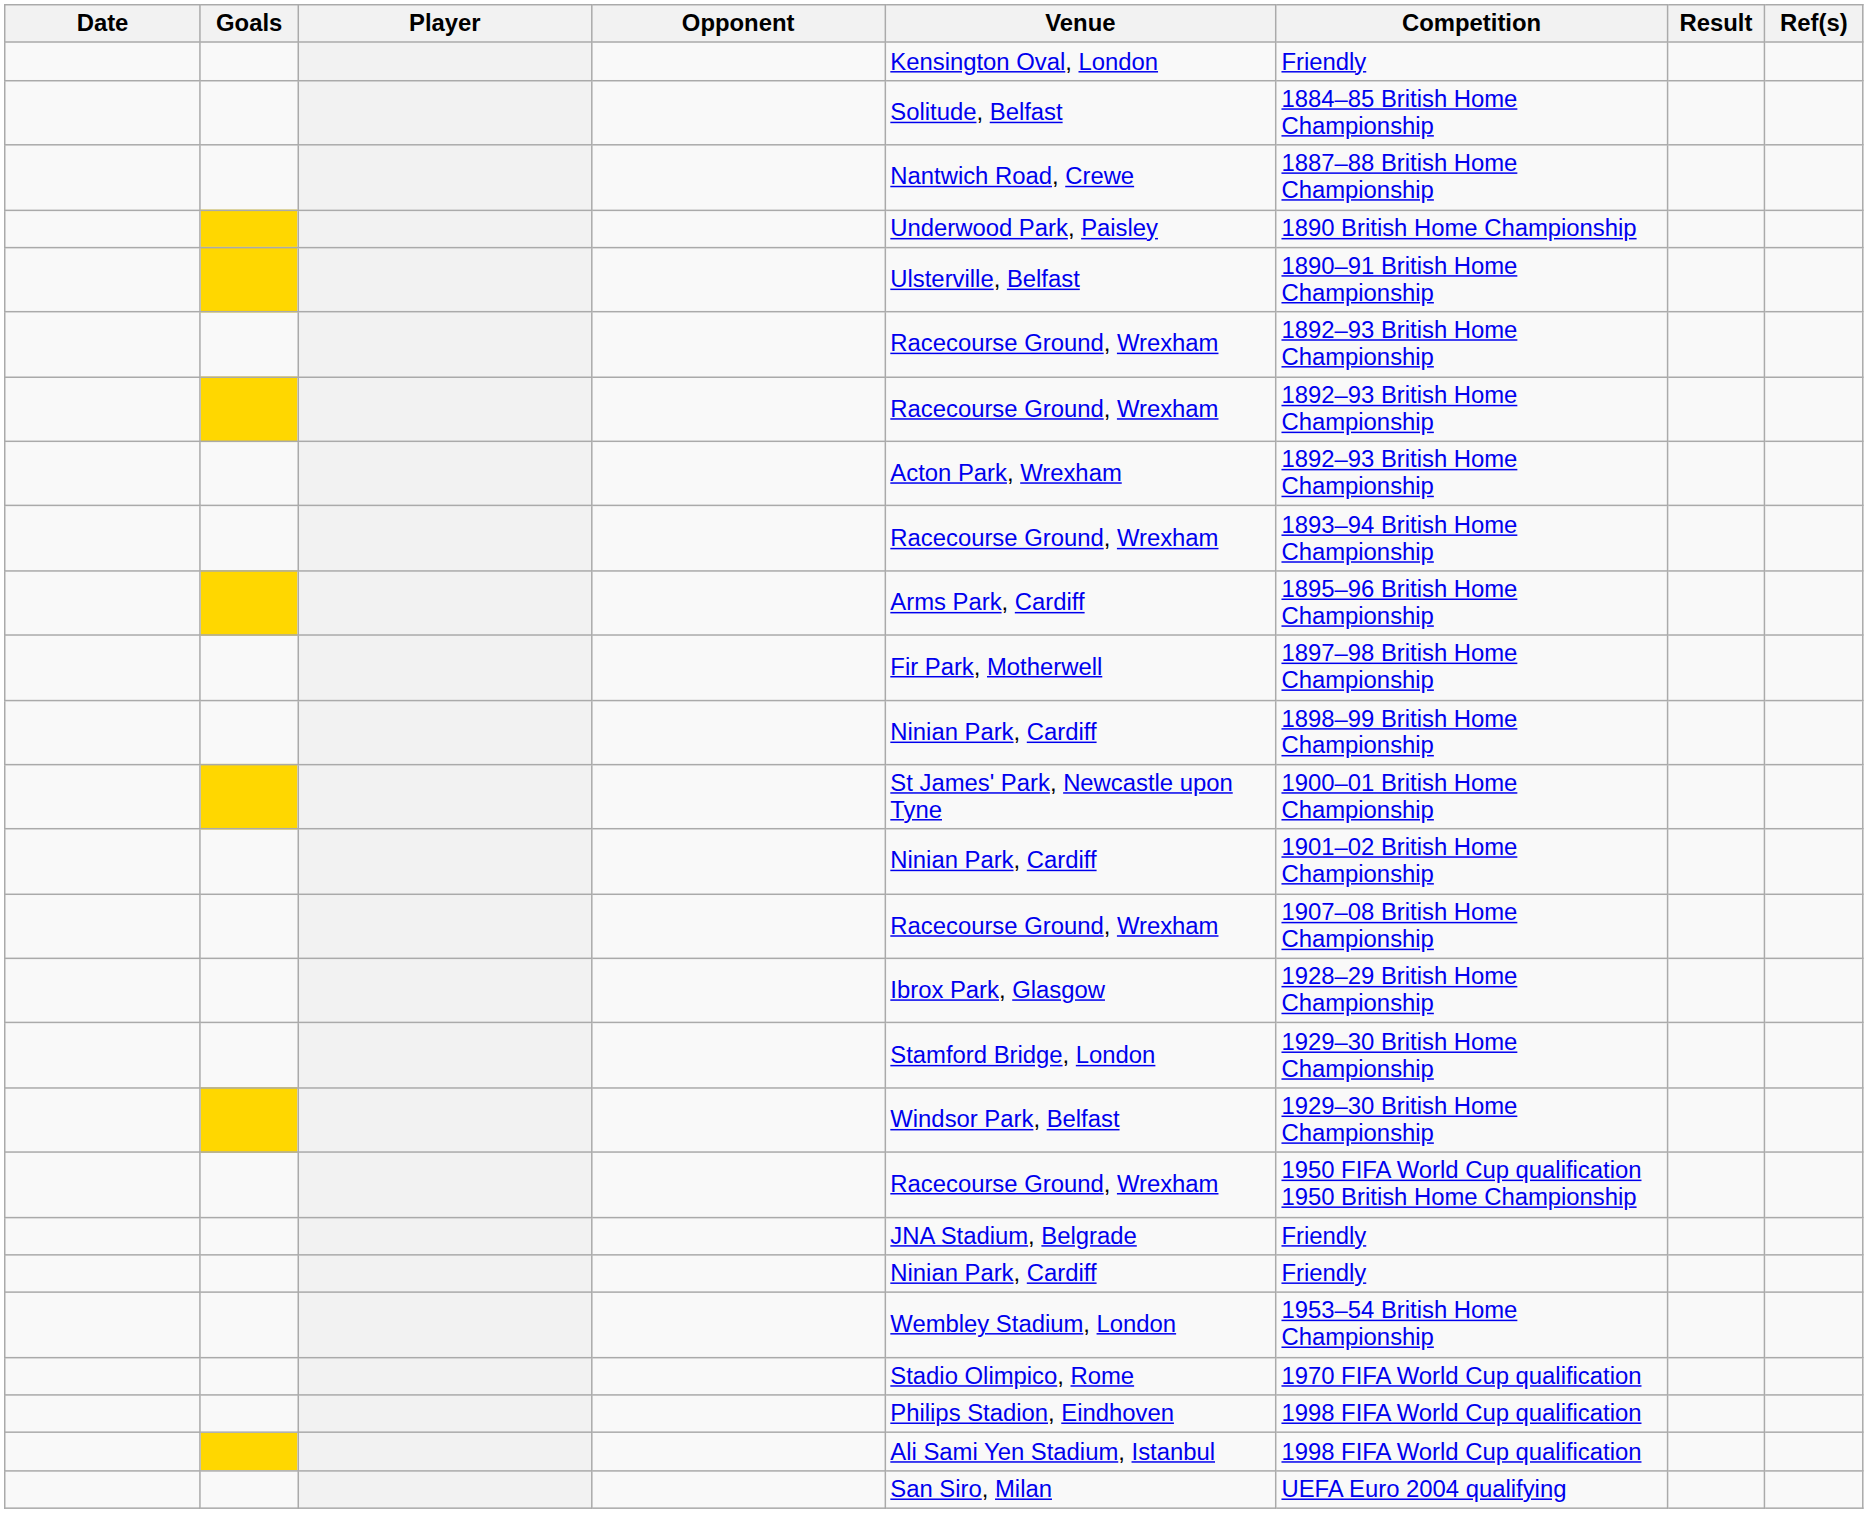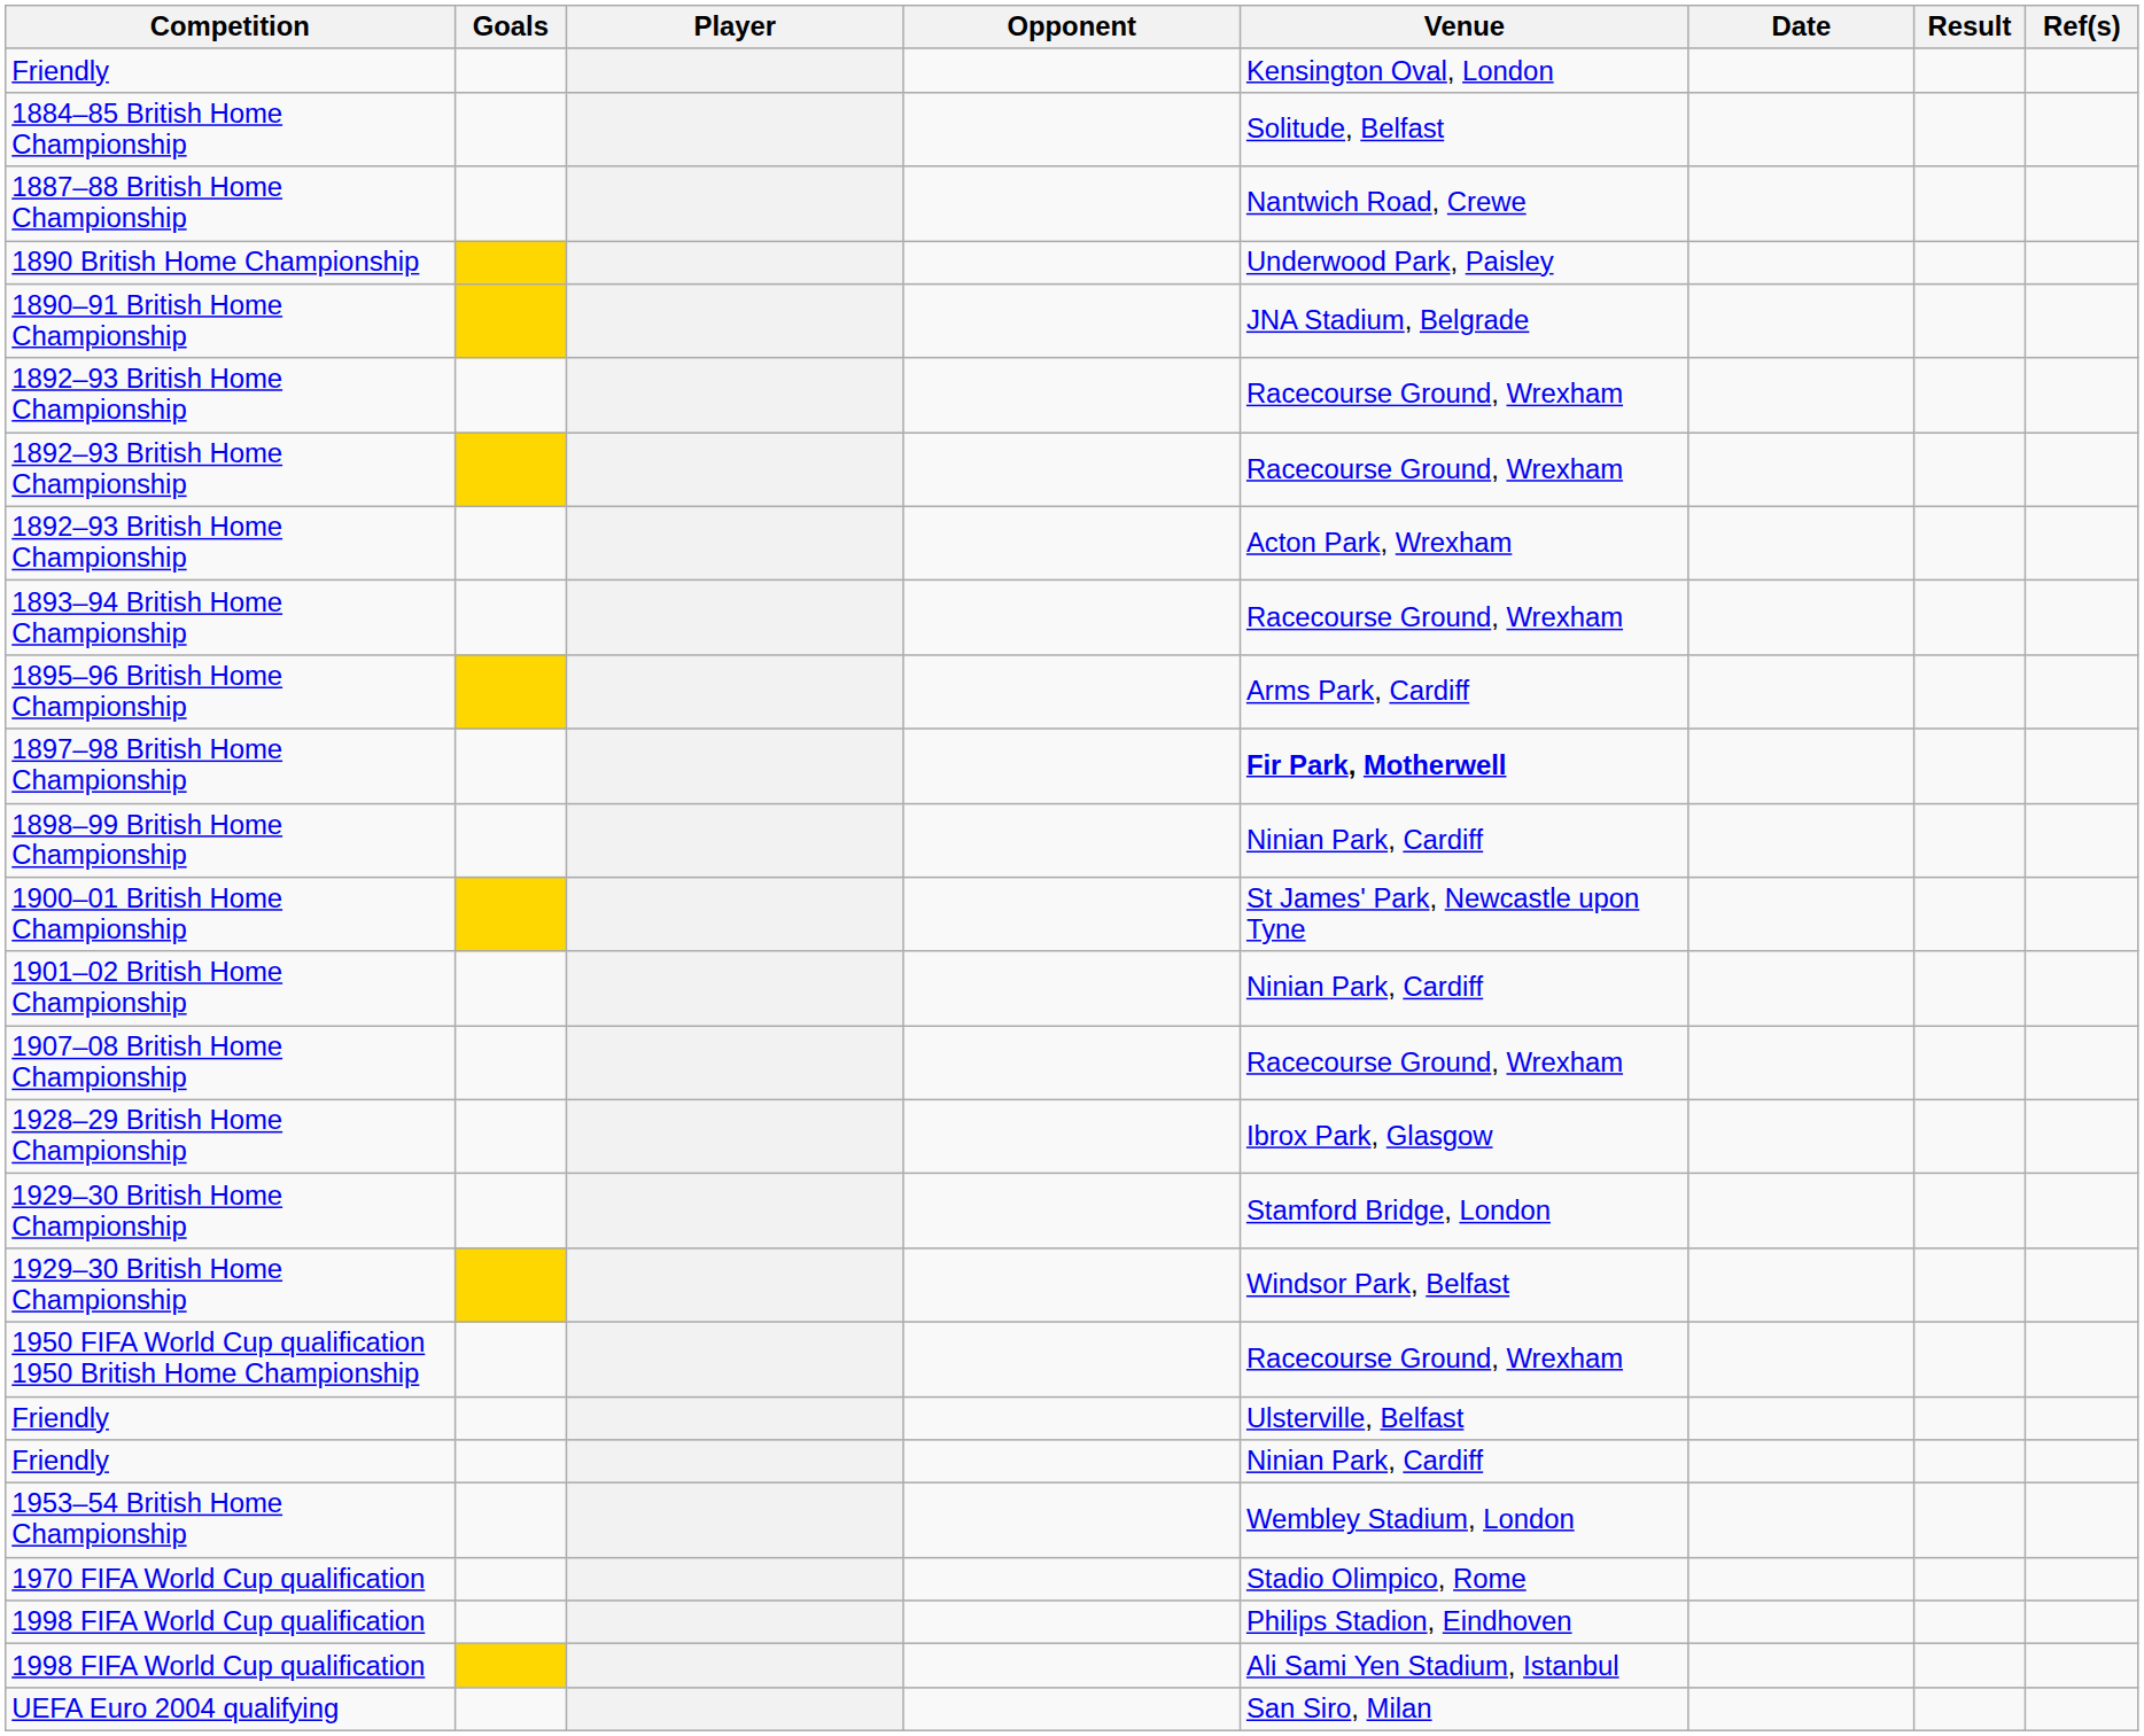 <table class="wikitable plainrowheaders sortable">
 <tr>
-<th scope="col" width="10%">Date</th>
+<th scope="col" width="20%">Competition</th>
 <th scope="col" width="5%">Goals</th>
 <th scope="col" width="15%">Player</th>
 <th scope="col" width="15%">Opponent</th>
 <th scope="col" width="20%">Venue</th>
-<th scope="col" width="20%">Competition</th>
+<th scope="col" width="10%">Date</th>
 <th scope="col" class="align:center" width="5%">Result</th>
 <th scope="col" class="unsortable" width="5%">Ref(s)</th>
 </tr>
 <tr>
-<td></td>
+<td><a href='#'>Friendly</a></td>
 <td></td>
 <th scope="row"></th>
 <td></td>
 <td><a href='#'>Kensington Oval</a>, <a href='#'>London</a></td>
-<td><a href='#'>Friendly</a></td>
+<td></td>
 <td data-sort-value="0500"></td>
 <td align=center></td>
 </tr>
 <tr>
-<td></td>
+<td><a href='#'>1884–85 British Home Championship</a></td>
 <td></td>
 <th scope="row"></th>
 <td></td>
 <td><a href='#'>Solitude</a>, <a href='#'>Belfast</a></td>
-<td><a href='#'>1884–85 British Home Championship</a></td>
+<td></td>
 <td data-sort-value="0801"></td>
 <td align=center></td>
 </tr>
 <tr>
-<td></td>
+<td><a href='#'>1887–88 British Home Championship</a></td>
 <td></td>
 <th scope="row"></th>
 <td></td>
 <td><a href='#'>Nantwich Road</a>, <a href='#'>Crewe</a></td>
-<td><a href='#'>1887–88 British Home Championship</a></td>
+<td></td>
 <td data-sort-value="0501"></td>
 <td align=center></td>
 </tr>
 <tr>
-<td></td>
+<td><a href='#'>1890 British Home Championship</a></td>
 <td bgcolor=gold></td>
 <th scope="row"></th>
 <td></td>
 <td><a href='#'>Underwood Park</a>, <a href='#'>Paisley</a></td>
-<td><a href='#'>1890 British Home Championship</a></td>
+<td></td>
 <td data-sort-value="0500"></td>
 <td align=center></td>
 </tr>
 <tr>
-<td></td>
+<td><a href='#'>1890–91 British Home Championship</a></td>
 <td bgcolor=gold></td>
 <th scope="row"></th>
 <td></td>
-<td><a href='#'>Ulsterville</a>, <a href='#'>Belfast</a></td>
-<td><a href='#'>1890–91 British Home Championship</a></td>
+<td><a href='#'>JNA Stadium</a>, <a href='#'>Belgrade</a></td>
+<td></td>
 <td data-sort-value="0702"></td>
 <td align=center></td>
 </tr>
 <tr>
-<td></td>
+<td><a href='#'>1892–93 British Home Championship</a></td>
 <td></td>
 <th scope="row"></th>
 <td></td>
 <td><a href='#'>Racecourse Ground</a>, <a href='#'>Wrexham</a></td>
-<td><a href='#'>1892–93 British Home Championship</a></td>
+<td></td>
 <td data-sort-value="0800"></td>
 <td align=center></td>
 </tr>
 <tr>
-<td></td>
+<td><a href='#'>1892–93 British Home Championship</a></td>
 <td bgcolor=gold></td>
 <th scope="row"></th>
 <td></td>
 <td><a href='#'>Racecourse Ground</a>, <a href='#'>Wrexham</a></td>
-<td><a href='#'>1892–93 British Home Championship</a></td>
+<td></td>
 <td data-sort-value="0800"></td>
 <td align=center></td>
 </tr>
 <tr>
-<td></td>
+<td><a href='#'>1892–93 British Home Championship</a></td>
 <td></td>
 <th scope="row"></th>
 <td></td>
 <td><a href='#'>Acton Park</a>, <a href='#'>Wrexham</a></td>
-<td><a href='#'>1892–93 British Home Championship</a></td>
+<td></td>
 <td data-sort-value="0702"></td>
 <td align=center></td>
 </tr>
 <tr>
-<td></td>
+<td><a href='#'>1893–94 British Home Championship</a></td>
 <td></td>
 <th scope="row"></th>
 <td></td>
 <td><a href='#'>Racecourse Ground</a>, <a href='#'>Wrexham</a></td>
-<td><a href='#'>1893–94 British Home Championship</a></td>
+<td></td>
 <td data-sort-value="0501"></td>
 <td align=center></td>
 </tr>
 <tr>
-<td></td>
+<td><a href='#'>1895–96 British Home Championship</a></td>
 <td bgcolor=gold></td>
 <th scope="row"></th>
 <td></td>
 <td><a href='#'>Arms Park</a>, <a href='#'>Cardiff</a></td>
-<td><a href='#'>1895–96 British Home Championship</a></td>
+<td></td>
 <td data-sort-value="0901"></td>
 <td align=center></td>
 </tr>
 <tr>
-<td></td>
+<td><a href='#'>1897–98 British Home Championship</a></td>
 <td></td>
 <th scope="row"></th>
 <td></td>
-<td><a href='#'>Fir Park</a>, <a href='#'>Motherwell</a></td>
-<td><a href='#'>1897–98 British Home Championship</a></td>
+<td><strong><a href='#'>Fir Park</a>, <a href='#'>Motherwell</a></strong></td>
+<td></td>
 <td data-sort-value="0502"></td>
 <td align=center></td>
 </tr>
 <tr>
-<td></td>
+<td><a href='#'>1898–99 British Home Championship</a></td>
 <td></td>
 <th scope="row"></th>
 <td></td>
 <td><a href='#'>Ninian Park</a>, <a href='#'>Cardiff</a></td>
-<td><a href='#'>1898–99 British Home Championship</a></td>
+<td></td>
 <td data-sort-value="0602"></td>
 <td align=center></td>
 </tr>
 <tr>
-<td></td>
+<td><a href='#'>1900–01 British Home Championship</a></td>
 <td bgcolor=gold></td>
 <th scope="row"></th>
 <td></td>
 <td><a href='#'>St James' Park</a>, <a href='#'>Newcastle upon Tyne</a></td>
-<td><a href='#'>1900–01 British Home Championship</a></td>
+<td></td>
 <td data-sort-value="0600"></td>
 <td align=center></td>
 </tr>
 <tr>
-<td></td>
+<td><a href='#'>1901–02 British Home Championship</a></td>
 <td></td>
 <th scope="row"></th>
 <td></td>
 <td><a href='#'>Ninian Park</a>, <a href='#'>Cardiff</a></td>
-<td><a href='#'>1901–02 British Home Championship</a></td>
+<td></td>
 <td data-sort-value="0300"></td>
 <td align=center></td>
 </tr>
 <tr>
-<td></td>
+<td><a href='#'>1907–08 British Home Championship</a></td>
 <td></td>
 <th scope="row"></th>
 <td></td>
 <td><a href='#'>Racecourse Ground</a>, <a href='#'>Wrexham</a></td>
-<td><a href='#'>1907–08 British Home Championship</a></td>
+<td></td>
 <td data-sort-value="0701"></td>
 <td align=center></td>
 </tr>
 <tr>
-<td></td>
+<td><a href='#'>1928–29 British Home Championship</a></td>
 <td></td>
 <th scope="row"></th>
 <td></td>
 <td><a href='#'>Ibrox Park</a>, <a href='#'>Glasgow</a></td>
-<td><a href='#'>1928–29 British Home Championship</a></td>
+<td></td>
 <td data-sort-value="0401"></td>
 <td align=center></td>
 </tr>
 <tr>
-<td></td>
+<td><a href='#'>1929–30 British Home Championship</a></td>
 <td></td>
 <th scope="row"></th>
 <td></td>
 <td><a href='#'>Stamford Bridge</a>, <a href='#'>London</a></td>
-<td><a href='#'>1929–30 British Home Championship</a></td>
+<td></td>
 <td data-sort-value="0600"></td>
 <td align=center></td>
 </tr>
 <tr>
-<td></td>
+<td><a href='#'>1929–30 British Home Championship</a></td>
 <td bgcolor=gold></td>
 <th scope="row"></th>
 <td></td>
 <td><a href='#'>Windsor Park</a>, <a href='#'>Belfast</a></td>
-<td><a href='#'>1929–30 British Home Championship</a></td>
+<td></td>
 <td data-sort-value="0700"></td>
 <td align=center></td>
 </tr>
 <tr>
-<td></td>
+<td><a href='#'>1950 FIFA World Cup qualification</a><br><a href='#'>1950 British Home Championship</a></td>
 <td></td>
 <th scope="row"></th>
 <td></td>
 <td><a href='#'>Racecourse Ground</a>, <a href='#'>Wrexham</a></td>
-<td><a href='#'>1950 FIFA World Cup qualification</a><br><a href='#'>1950 British Home Championship</a></td>
+<td></td>
 <td data-sort-value="0401"></td>
 <td align=center></td>
 </tr>
 <tr>
-<td></td>
+<td><a href='#'>Friendly</a></td>
 <td></td>
 <th scope="row"></th>
 <td></td>
-<td><a href='#'>JNA Stadium</a>, <a href='#'>Belgrade</a></td>
-<td><a href='#'>Friendly</a></td>
+<td><a href='#'>Ulsterville</a>, <a href='#'>Belfast</a></td>
+<td></td>
 <td data-sort-value="0502"></td>
 <td align=center></td>
 </tr>
 <tr>
-<td></td>
+<td><a href='#'>Friendly</a></td>
 <td></td>
 <th scope="row"></th>
 <td></td>
 <td><a href='#'>Ninian Park</a>, <a href='#'>Cardiff</a></td>
-<td><a href='#'>Friendly</a></td>
+<td></td>
 <td data-sort-value="0301"></td>
 <td align=center></td>
 </tr>
 <tr>
-<td></td>
+<td><a href='#'>1953–54 British Home Championship</a></td>
 <td></td>
 <th scope="row"></th>
 <td></td>
 <td><a href='#'>Wembley Stadium</a>, <a href='#'>London</a></td>
-<td><a href='#'>1953–54 British Home Championship</a></td>
+<td></td>
 <td data-sort-value="0302"></td>
 <td align=center></td>
 </tr>
 <tr>
-<td></td>
+<td><a href='#'>1970 FIFA World Cup qualification</a></td>
 <td></td>
 <th scope="row"></th>
 <td></td>
 <td><a href='#'>Stadio Olimpico</a>, <a href='#'>Rome</a></td>
-<td><a href='#'>1970 FIFA World Cup qualification</a></td>
+<td></td>
 <td data-sort-value="0400"></td>
 <td align=center></td>
 </tr>
 <tr>
-<td></td>
+<td><a href='#'>1998 FIFA World Cup qualification</a></td>
 <td></td>
 <th scope="row"></th>
 <td></td>
 <td><a href='#'>Philips Stadion</a>, <a href='#'>Eindhoven</a></td>
-<td><a href='#'>1998 FIFA World Cup qualification</a></td>
+<td></td>
 <td data-sort-value="0701"></td>
 <td align=center></td>
 </tr>
 <tr>
-<td></td>
+<td><a href='#'>1998 FIFA World Cup qualification</a></td>
 <td bgcolor=gold></td>
 <th scope="row"></th>
 <td></td>
 <td><a href='#'>Ali Sami Yen Stadium</a>, <a href='#'>Istanbul</a></td>
-<td><a href='#'>1998 FIFA World Cup qualification</a></td>
+<td></td>
 <td data-sort-value="0604"></td>
 <td align=center></td>
 </tr>
 <tr>
-<td></td>
+<td><a href='#'>UEFA Euro 2004 qualifying</a></td>
 <td></td>
 <th scope="row"></th>
 <td></td>
 <td><a href='#'>San Siro</a>, <a href='#'>Milan</a></td>
-<td><a href='#'>UEFA Euro 2004 qualifying</a></td>
+<td></td>
 <td data-sort-value="0400"></td>
 <td align=center></td>
 </tr>
 </table>
